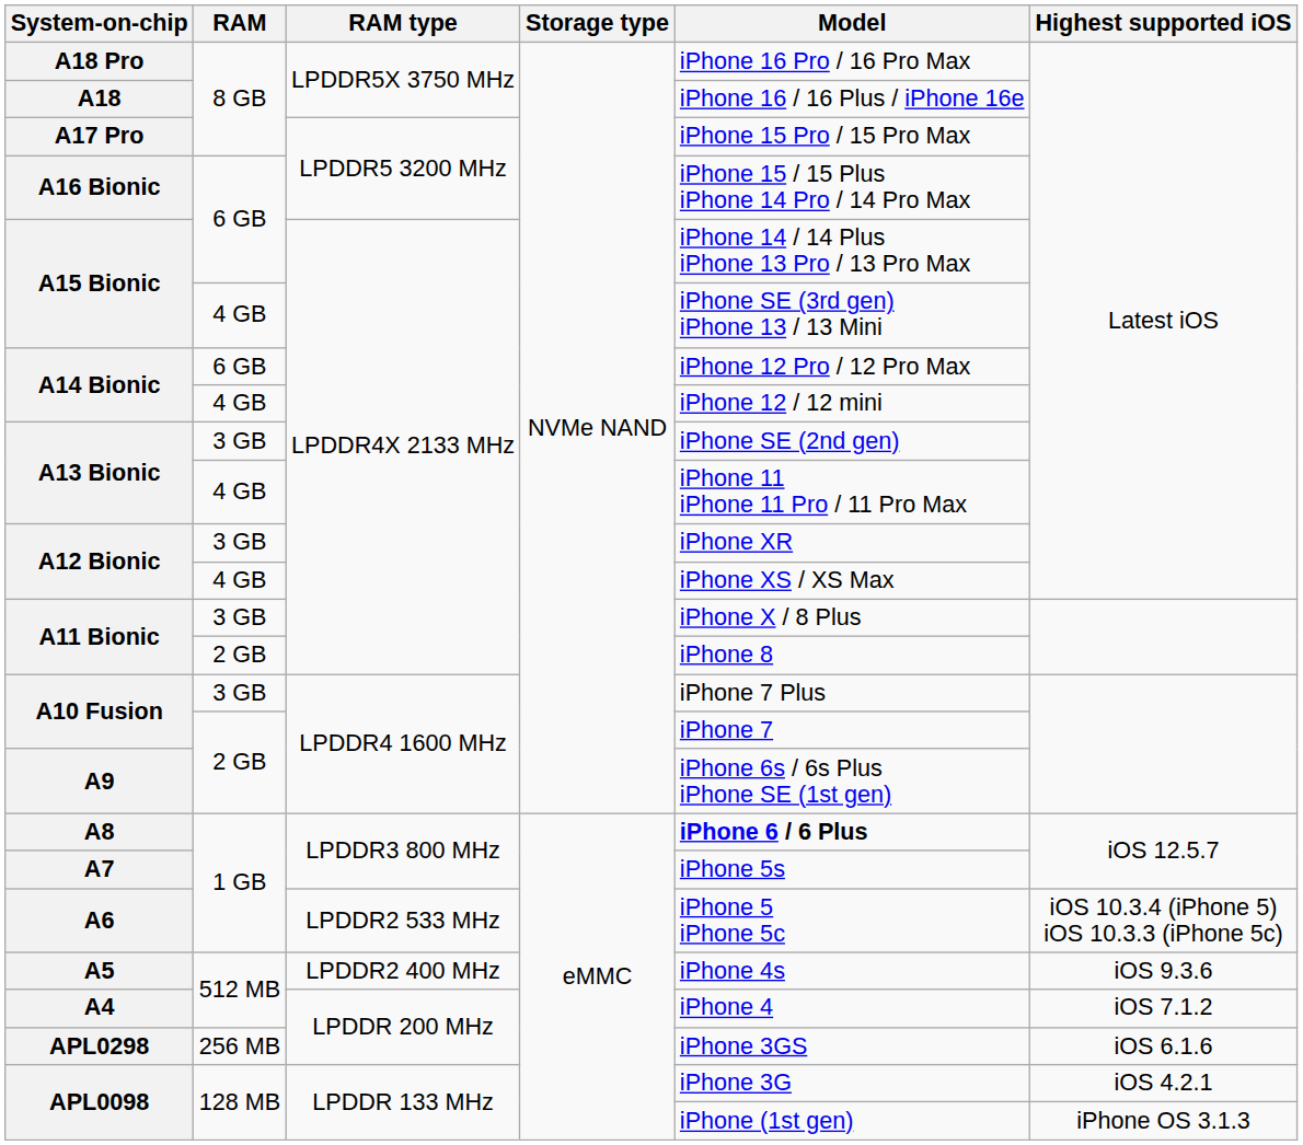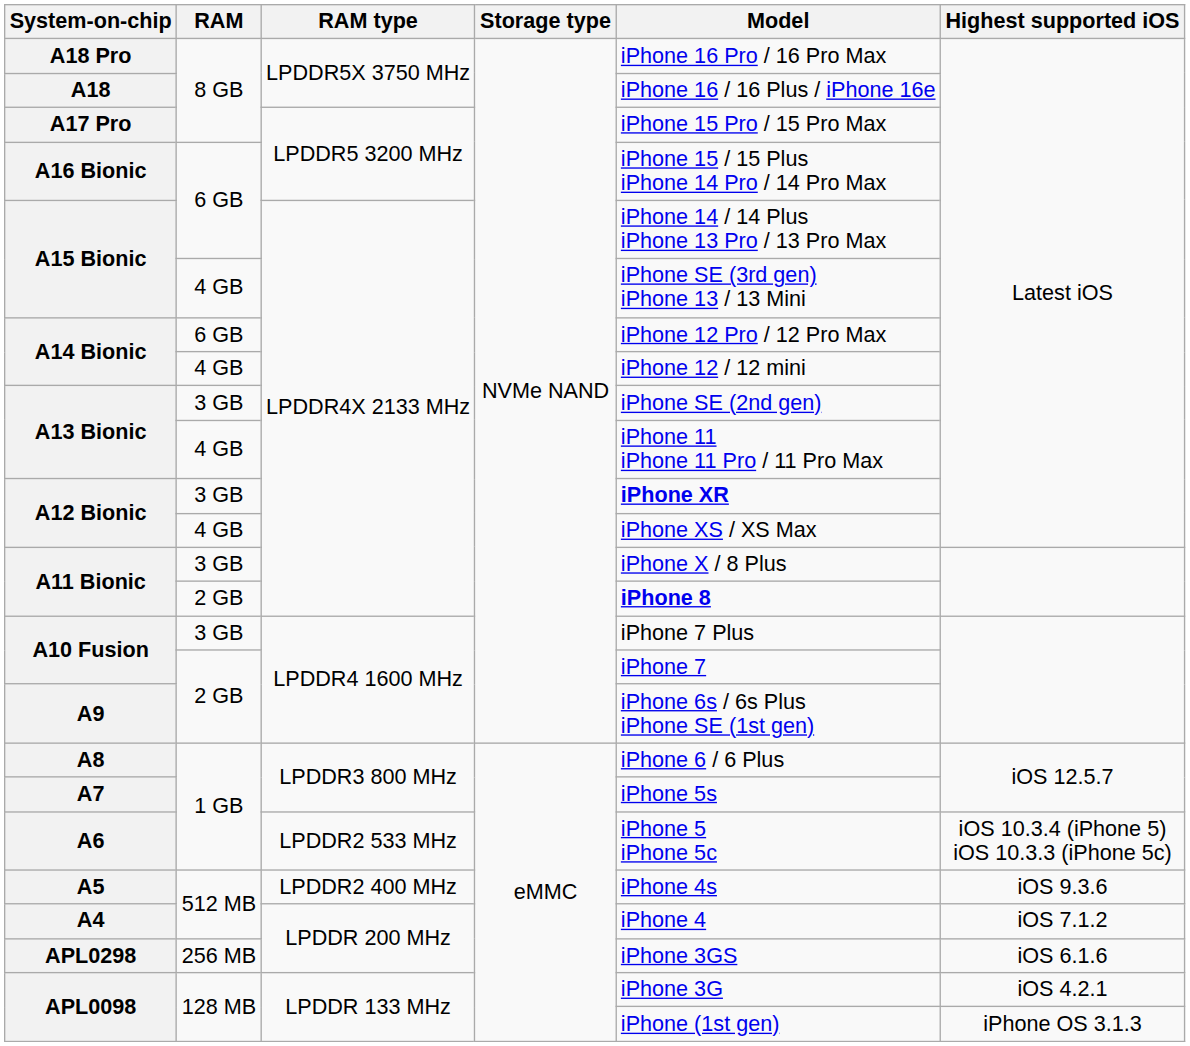 <table class="wikitable sticky-header" style="text-align: center;">
 <tr>
 <th scope="col">System-on-chip</th>
 <th scope="col">RAM</th>
 <th scope="col">RAM type</th>
 <th scope="col">Storage type</th>
 <th scope="col">Model</th>
 <th scope="col">Highest supported iOS</th>
 </tr>
 <tr>
 <th scope="row">A18 Pro</th>
 <td rowspan="3">8 GB</td>
 <td rowspan="2">LPDDR5X 3750 MHz</td>
 <td rowspan="17">NVMe NAND</td>
 <td style="text-align: left;"><a href='#'>iPhone 16 Pro</a> / 16 Pro Max</td>
 <td rowspan="12">Latest iOS<br><small></small></td>
 </tr>
 <tr>
 <th scope="row">A18</th>
 <td style="text-align: left;"><a href='#'>iPhone 16</a> / 16 Plus / <a href='#'>iPhone 16e</a></td>
 </tr>
 <tr>
 <th scope="row">A17 Pro</th>
 <td rowspan="2">LPDDR5 3200 MHz</td>
 <td style="text-align: left;"><a href='#'>iPhone 15 Pro</a> / 15 Pro Max</td>
 </tr>
 <tr>
 <th scope="row">A16 Bionic</th>
 <td rowspan="2">6 GB</td>
 <td style="text-align: left;"><a href='#'>iPhone 15</a> / 15 Plus<br><a href='#'>iPhone 14 Pro</a> / 14 Pro Max</td>
 </tr>
 <tr>
 <th scope="rowgroup" rowspan="2">A15 Bionic</th>
 <td rowspan="10">LPDDR4X 2133 MHz</td>
 <td style="text-align: left;"><a href='#'>iPhone 14</a> / 14 Plus<br><a href='#'>iPhone 13 Pro</a> / 13 Pro Max</td>
 </tr>
 <tr>
 <td>4 GB</td>
 <td style="text-align: left;"><a href='#'>iPhone SE (3rd gen)</a> <br><a href='#'>iPhone 13</a> / 13 Mini</td>
 </tr>
 <tr>
 <th scope="rowgroup" rowspan="2">A14 Bionic</th>
 <td>6 GB</td>
 <td style="text-align: left;"><a href='#'>iPhone 12 Pro</a> / 12 Pro Max</td>
 </tr>
 <tr>
 <td>4 GB</td>
 <td style="text-align: left;"><a href='#'>iPhone 12</a> / 12 mini</td>
 </tr>
 <tr>
 <th scope="rowgroup" rowspan="2">A13 Bionic</th>
 <td>3 GB</td>
 <td style="text-align: left;"><a href='#'>iPhone SE (2nd gen)</a></td>
 </tr>
 <tr>
 <td>4 GB</td>
 <td style="text-align: left;"><a href='#'>iPhone 11</a><br><a href='#'>iPhone 11 Pro</a> / 11 Pro Max</td>
 </tr>
 <tr>
 <th scope="rowgroup" rowspan="2">A12 Bionic</th>
 <td>3 GB</td>
-<td style="text-align: left;"><a href='#'>iPhone XR</a></td>
+<td style="text-align: left;"><strong><a href='#'>iPhone XR</a></strong></td>
 </tr>
 <tr>
 <td>4 GB</td>
 <td style="text-align: left;"><a href='#'>iPhone XS</a> / XS Max</td>
 </tr>
 <tr>
 <th scope="rowgroup" rowspan="2">A11 Bionic</th>
 <td>3 GB</td>
 <td style="text-align: left;"><a href='#'>iPhone X</a> / 8 Plus</td>
 <td rowspan="2"></td>
 </tr>
 <tr>
 <td>2 GB</td>
-<td style="text-align: left;"><a href='#'>iPhone 8</a></td>
+<td style="text-align: left;"><strong><a href='#'>iPhone 8</a></strong></td>
 </tr>
 <tr>
 <th scope="rowgroup" rowspan="2">A10 Fusion</th>
 <td>3 GB</td>
 <td rowspan="3">LPDDR4 1600 MHz</td>
 <td style="text-align: left;">iPhone 7 Plus</td>
 <td rowspan="3"></td>
 </tr>
 <tr>
 <td rowspan="2">2 GB</td>
 <td style="text-align: left;"><a href='#'>iPhone 7</a></td>
 </tr>
 <tr>
 <th scope="row">A9</th>
 <td style="text-align: left;"><a href='#'>iPhone 6s</a> / 6s Plus<br><a href='#'>iPhone SE (1st gen)</a></td>
 </tr>
 <tr>
 <th scope="row">A8</th>
 <td rowspan="3">1 GB</td>
 <td rowspan="2">LPDDR3 800 MHz</td>
 <td rowspan="8">eMMC</td>
-<td style="text-align: left;"><strong><a href='#'>iPhone 6</a> / 6 Plus</strong></td>
+<td style="text-align: left;"><a href='#'>iPhone 6</a> / 6 Plus</td>
 <td rowspan="2">iOS 12.5.7</td>
 </tr>
 <tr>
 <th scope="row">A7</th>
 <td style="text-align: left;"><a href='#'>iPhone 5s</a></td>
 </tr>
 <tr>
 <th scope="row">A6</th>
 <td>LPDDR2 533 MHz</td>
 <td style="text-align: left;"><a href='#'>iPhone 5</a><br><a href='#'>iPhone 5c</a></td>
 <td>iOS 10.3.4 (iPhone 5)<br>iOS 10.3.3 (iPhone 5c)</td>
 </tr>
 <tr>
 <th scope="row">A5</th>
 <td rowspan="2">512 MB</td>
 <td>LPDDR2 400 MHz</td>
 <td style="text-align: left;"><a href='#'>iPhone 4s</a></td>
 <td>iOS 9.3.6</td>
 </tr>
 <tr>
 <th scope="row">A4</th>
 <td rowspan="2">LPDDR 200 MHz</td>
 <td style="text-align: left;"><a href='#'>iPhone 4</a></td>
 <td>iOS 7.1.2</td>
 </tr>
 <tr>
 <th scope="row">APL0298</th>
 <td>256 MB</td>
 <td style="text-align: left;"><a href='#'>iPhone 3GS</a></td>
 <td>iOS 6.1.6</td>
 </tr>
 <tr>
 <th scope="rowgroup" rowspan="2">APL0098</th>
 <td rowspan="2">128 MB</td>
 <td rowspan="2">LPDDR 133 MHz</td>
 <td style="text-align: left;"><a href='#'>iPhone 3G</a></td>
 <td>iOS 4.2.1</td>
 </tr>
 <tr>
 <td style="text-align: left;"><a href='#'>iPhone (1st gen)</a></td>
 <td>iPhone OS 3.1.3</td>
 </tr>
 </table>
